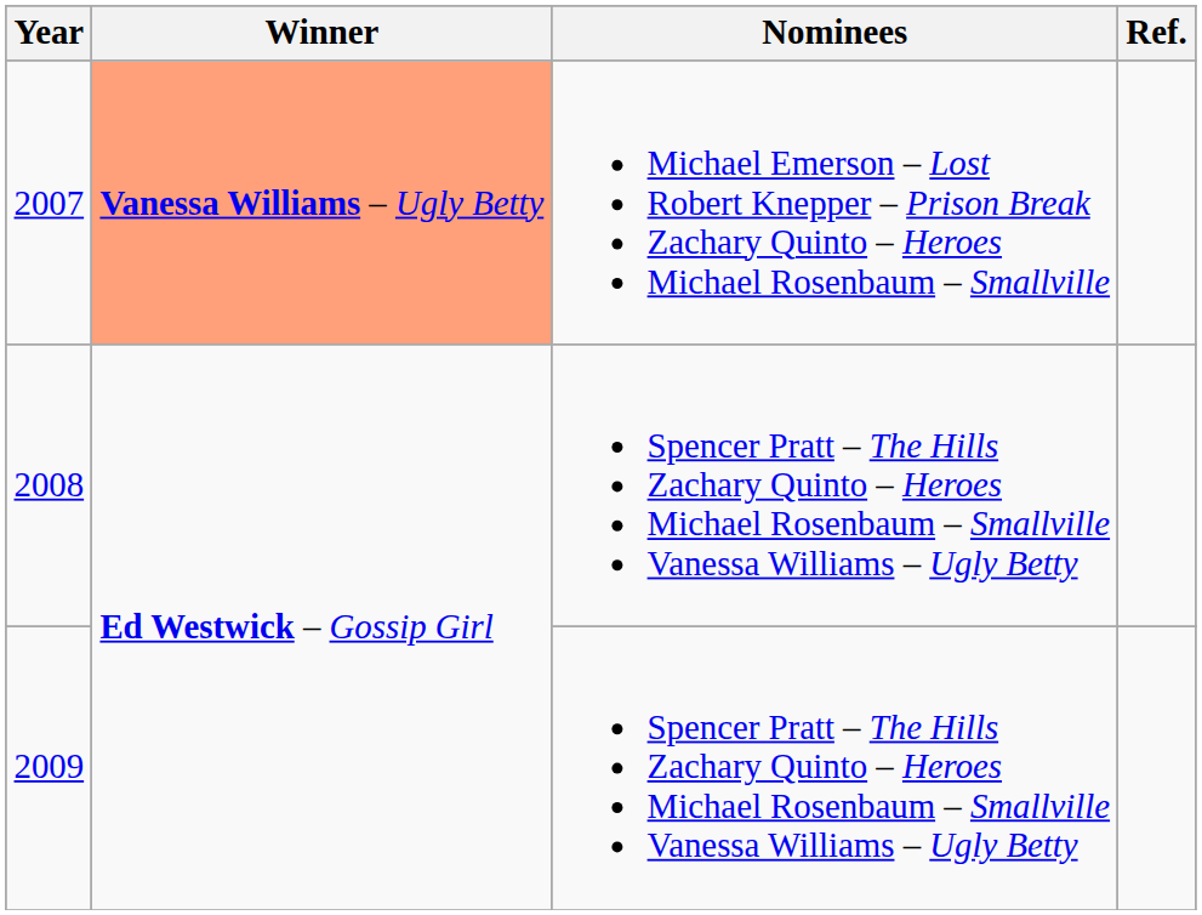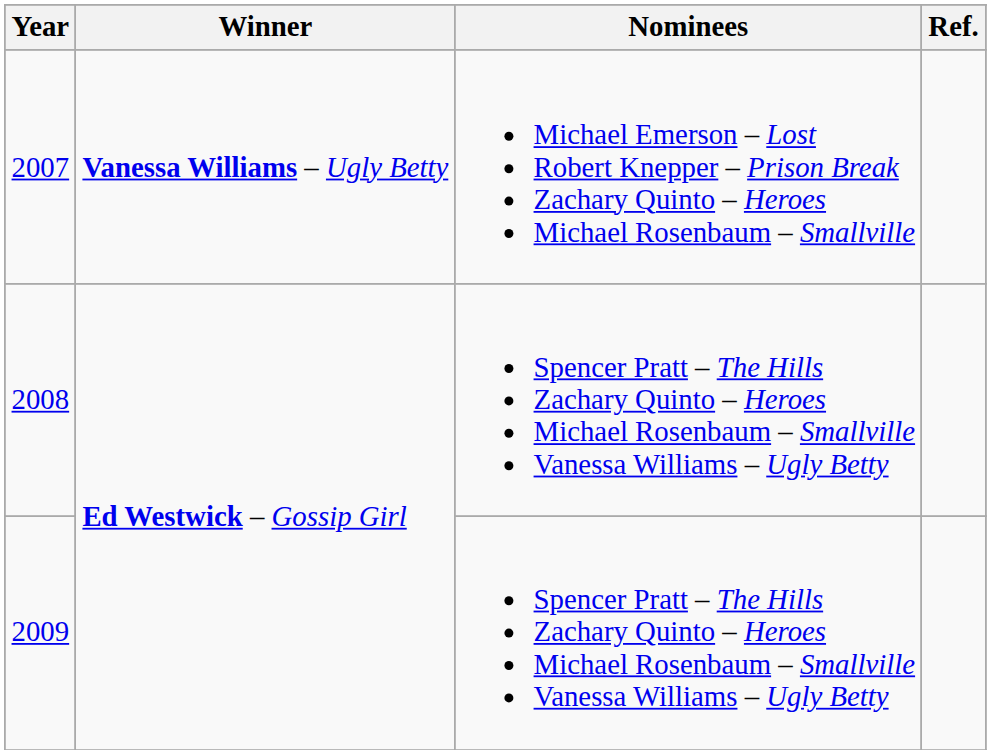 <table class="wikitable">
 <tr>
 <th>Year</th>
 <th>Winner</th>
 <th>Nominees</th>
 <th>Ref.</th>
 </tr>
 <tr>
 <td><a href='#'>2007</a></td>
-<td style="background: lightsalmon;"><strong><a href='#'>Vanessa Williams</a></strong> – <em><a href='#'>Ugly Betty</a></em></td>
+<td><strong><a href='#'>Vanessa Williams</a></strong> – <em><a href='#'>Ugly Betty</a></em></td>
 <td><br><ul><li><a href='#'>Michael Emerson</a> – <em><a href='#'>Lost</a></em></li><li><a href='#'>Robert Knepper</a> – <em><a href='#'>Prison Break</a></em></li><li><a href='#'>Zachary Quinto</a> – <em><a href='#'>Heroes</a></em></li><li><a href='#'>Michael Rosenbaum</a> – <em><a href='#'>Smallville</a></em></li></ul></td>
 <td></td>
 </tr>
 <tr>
 <td><a href='#'>2008</a></td>
 <td rowspan="2"><strong><a href='#'>Ed Westwick</a></strong> – <em><a href='#'>Gossip Girl</a></em></td>
 <td><br><ul><li><a href='#'>Spencer Pratt</a> – <em><a href='#'>The Hills</a></em></li><li><a href='#'>Zachary Quinto</a> – <em><a href='#'>Heroes</a></em></li><li><a href='#'>Michael Rosenbaum</a> – <em><a href='#'>Smallville</a></em></li><li><a href='#'>Vanessa Williams</a> – <em><a href='#'>Ugly Betty</a></em></li></ul></td>
 <td></td>
 </tr>
 <tr>
 <td><a href='#'>2009</a></td>
 <td><br><ul><li><a href='#'>Spencer Pratt</a> – <em><a href='#'>The Hills</a></em></li><li><a href='#'>Zachary Quinto</a> – <em><a href='#'>Heroes</a></em></li><li><a href='#'>Michael Rosenbaum</a> – <em><a href='#'>Smallville</a></em></li><li><a href='#'>Vanessa Williams</a> – <em><a href='#'>Ugly Betty</a></em></li></ul></td>
 <td></td>
 </tr>
 </table>
